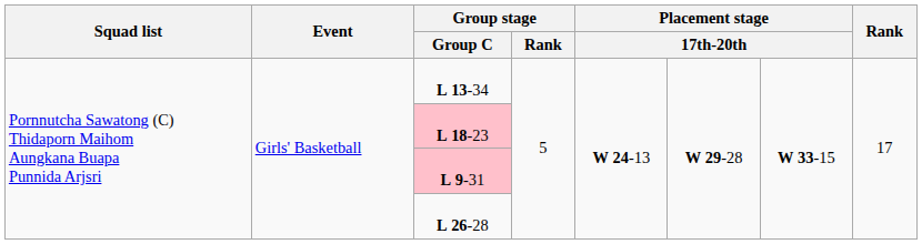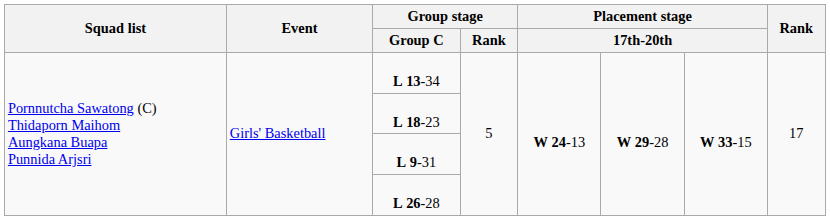 <table class="wikitable" width="65%" style="text-align:left; font-size:90%">
 <tr>
 <th rowspan="2">Squad list</th>
 <th rowspan="2">Event</th>
 <th colspan="2">Group stage</th>
 <th colspan="3">Placement stage</th>
 <th rowspan="2">Rank</th>
 </tr>
 <tr>
 <th>Group C</th>
 <th>Rank</th>
 <th colspan="3">17th-20th</th>
 </tr>
 <tr>
 <td rowspan="4"><a href='#'>Pornnutcha Sawatong</a> (C)<br><a href='#'>Thidaporn Maihom</a><br><a href='#'>Aungkana Buapa</a><br><a href='#'>Punnida Arjsri</a></td>
 <td rowspan="4"><a href='#'>Girls' Basketball</a></td>
 <td align="center"><br> <strong>L</strong> <strong>13</strong>-34</td>
 <td rowspan="4" align=center>5</td>
 <td rowspan="4" align="center"> <br> <strong>W</strong> <strong>24</strong>-13</td>
 <td rowspan="4" align="center"> <br> <strong>W</strong> <strong>29</strong>-28</td>
 <td rowspan="4" align="center"> <br> <strong>W</strong> <strong>33</strong>-15</td>
 <td rowspan="4" align="center">17</td>
 </tr>
 <tr>
-<td align="center" style="background: pink;"><br> <strong>L</strong> <strong>18</strong>-23</td>
+<td align="center"><br> <strong>L</strong> <strong>18</strong>-23</td>
 </tr>
 <tr>
-<td align="center" style="background: pink;"><br> <strong>L</strong> <strong>9</strong>-31</td>
+<td align="center"><br> <strong>L</strong> <strong>9</strong>-31</td>
 </tr>
 <tr>
 <td align="center"><br> <strong>L</strong> <strong>26</strong>-28</td>
 </tr>
 </table>
